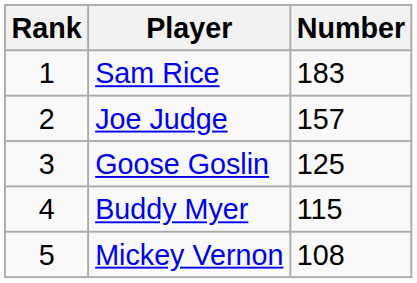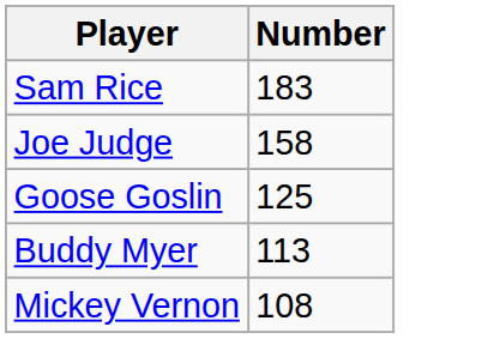 <table class="wikitable" style="font-size: 95%; text-align:left;">
 <tr>
-<th>Rank</th>
 <th>Player</th>
 <th>Number</th>
 </tr>
 <tr>
-<td align="center">1</td>
 <td><a href='#'>Sam Rice</a></td>
 <td>183</td>
 </tr>
 <tr>
-<td align="center">2</td>
 <td><a href='#'>Joe Judge</a></td>
-<td>157</td>
+<td>158</td>
 </tr>
 <tr>
-<td align="center">3</td>
 <td><a href='#'>Goose Goslin</a></td>
 <td>125</td>
 </tr>
 <tr>
-<td align="center">4</td>
 <td><a href='#'>Buddy Myer</a></td>
-<td>115</td>
+<td>113</td>
 </tr>
 <tr>
-<td align="center">5</td>
 <td><a href='#'>Mickey Vernon</a></td>
 <td>108</td>
 </tr>
 </table>
